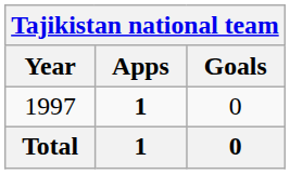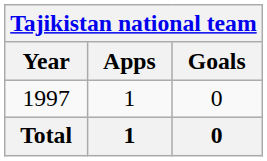 <table class="wikitable" style="text-align:center">
 <tr>
 <th colspan=3><a href='#'>Tajikistan national team</a></th>
 </tr>
 <tr>
 <th>Year</th>
 <th>Apps</th>
 <th>Goals</th>
 </tr>
 <tr>
 <td>1997</td>
-<td><strong>1</strong></td>
+<td>1</td>
 <td>0</td>
 </tr>
 <tr>
 <th>Total</th>
 <th>1</th>
 <th>0</th>
 </tr>
 </table>
